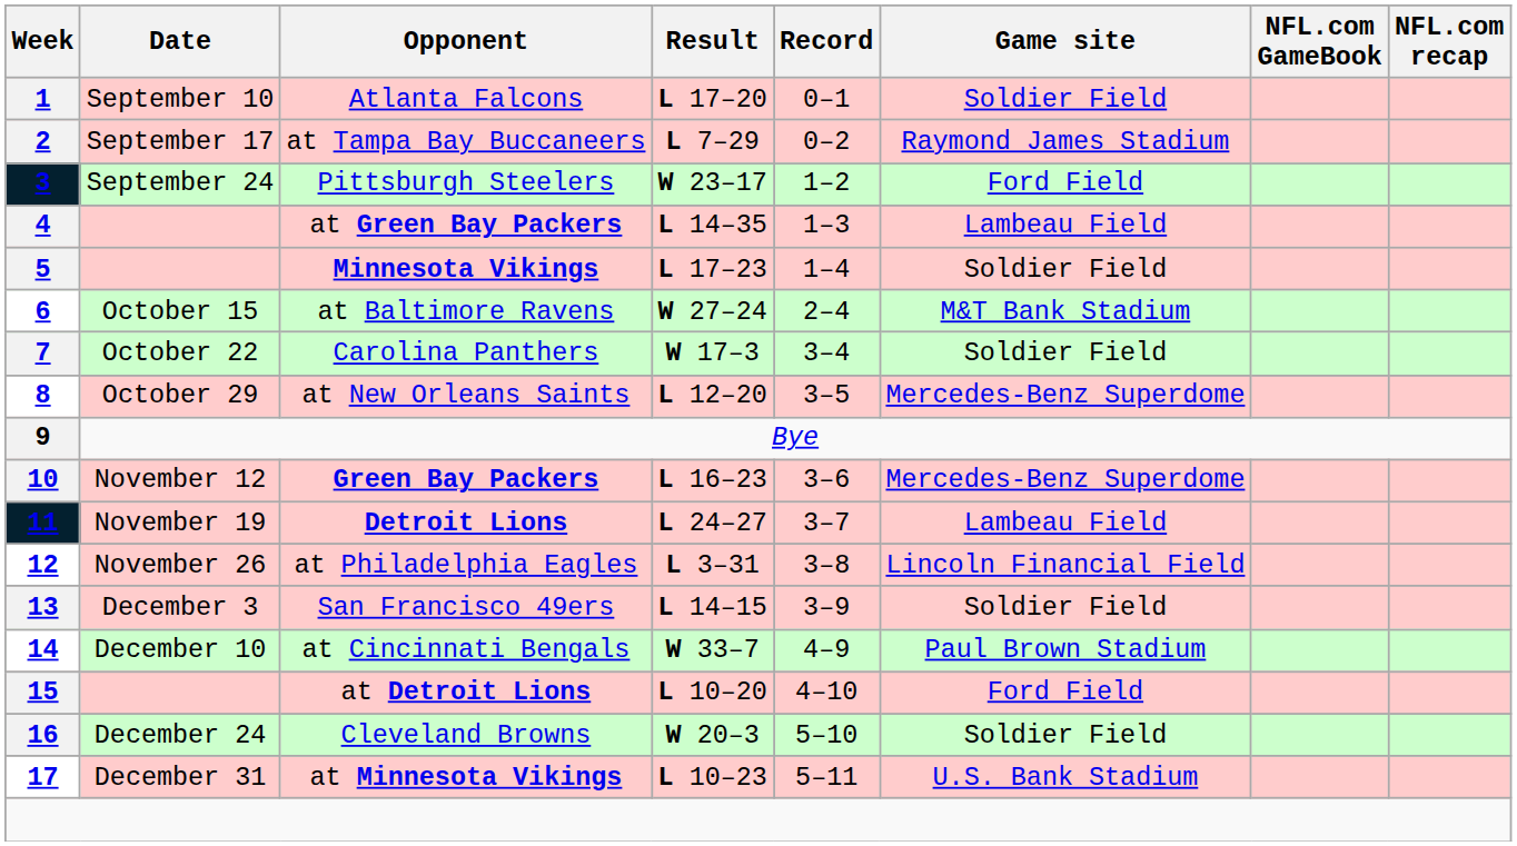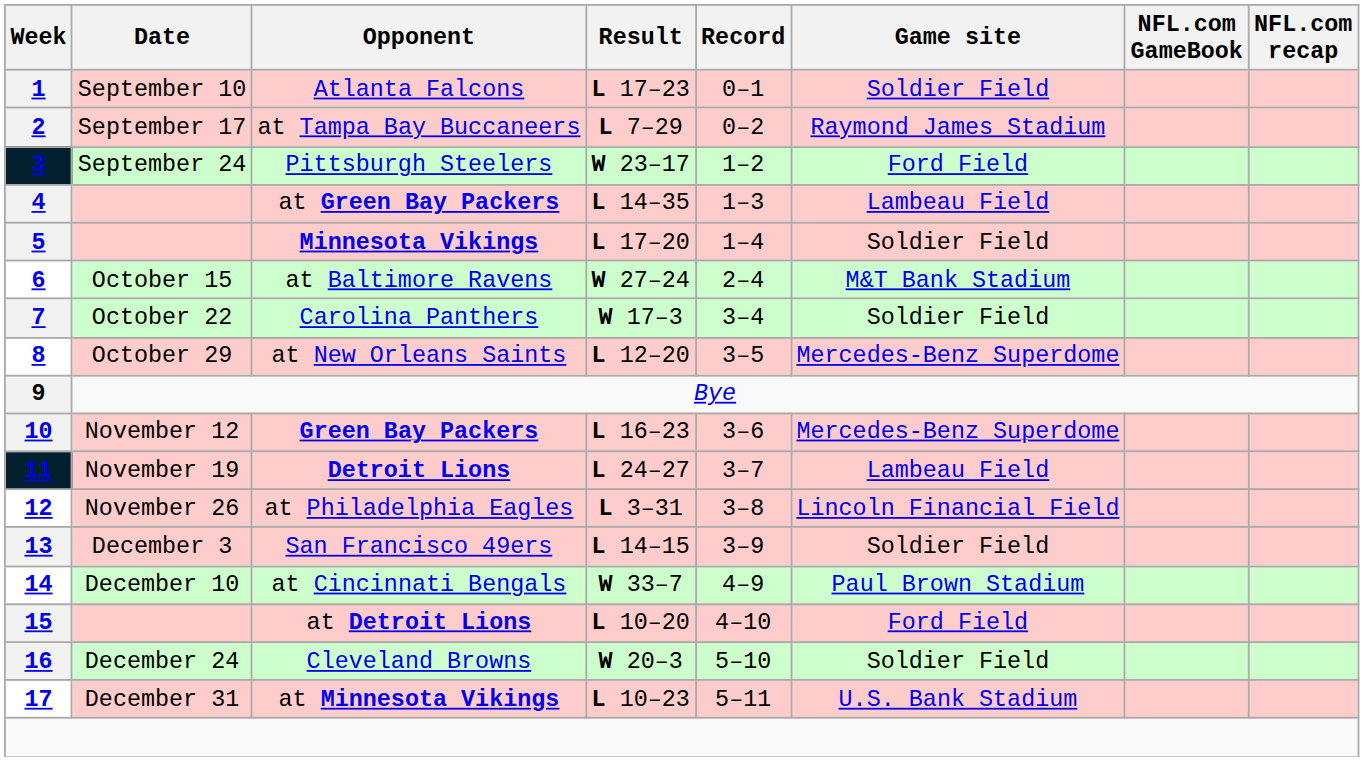 <table class="wikitable" style="text-align:center">
 <tr>
 <th>Week</th>
 <th>Date</th>
 <th>Opponent</th>
 <th>Result</th>
 <th>Record</th>
 <th>Game site</th>
 <th>NFL.com<br>GameBook</th>
 <th>NFL.com<br>recap</th>
 </tr>
 <tr style="background:#fcc">
 <th><a href='#'><span>1</span></a></th>
 <td>September 10</td>
 <td><a href='#'>Atlanta Falcons</a></td>
-<td><strong>L</strong> 17–20</td>
+<td><strong>L</strong> 17–23</td>
 <td>0–1</td>
 <td><a href='#'>Soldier Field</a></td>
 <td> </td>
 <td></td>
 </tr>
 <tr style="background:#fcc">
 <th><a href='#'><span>2</span></a></th>
 <td>September 17</td>
 <td>at <a href='#'>Tampa Bay Buccaneers</a></td>
 <td><strong>L</strong> 7–29</td>
 <td>0–2</td>
 <td><a href='#'>Raymond James Stadium</a></td>
 <td> </td>
 <td></td>
 </tr>
 <tr style="background:#cfc">
 <th style="background:#03202F; color:#df6108"><a href='#'><span>3</span></a></th>
 <td>September 24</td>
 <td><a href='#'>Pittsburgh Steelers</a></td>
 <td><strong>W</strong> 23–17 </td>
 <td>1–2</td>
 <td><a href='#'>Ford Field</a></td>
 <td> </td>
 <td></td>
 </tr>
 <tr style="background:#fcc">
 <th><a href='#'><span>4</span></a></th>
 <td></td>
 <td>at <strong><a href='#'>Green Bay Packers</a></strong></td>
 <td><strong>L</strong> 14–35</td>
 <td>1–3</td>
 <td><a href='#'>Lambeau Field</a></td>
 <td> </td>
 <td></td>
 </tr>
 <tr style="background:#fcc">
 <th><a href='#'><span>5</span></a></th>
 <td></td>
 <td><strong><a href='#'>Minnesota Vikings</a></strong></td>
-<td><strong>L</strong> 17–23</td>
+<td><strong>L</strong> 17–20</td>
 <td>1–4</td>
 <td>Soldier Field</td>
 <td> </td>
 <td></td>
 </tr>
 <tr style="background:#cfc">
 <th style="background:white; color:#03202F"><a href='#'><span>6</span></a></th>
 <td>October 15</td>
 <td>at <a href='#'>Baltimore Ravens</a></td>
 <td><strong>W</strong> 27–24 </td>
 <td>2–4</td>
 <td><a href='#'>M&T Bank Stadium</a></td>
 <td> </td>
 <td></td>
 </tr>
 <tr style="background:#cfc">
 <th><a href='#'><span>7</span></a></th>
 <td>October 22</td>
 <td><a href='#'>Carolina Panthers</a></td>
 <td><strong>W</strong> 17–3</td>
 <td>3–4</td>
 <td>Soldier Field</td>
 <td> </td>
 <td></td>
 </tr>
 <tr style="background:#fcc">
 <th style="background:white; color:#03202F"><a href='#'><span>8</span></a></th>
 <td>October 29</td>
 <td>at <a href='#'>New Orleans Saints</a></td>
 <td><strong>L</strong> 12–20</td>
 <td>3–5</td>
 <td><a href='#'>Mercedes-Benz Superdome</a></td>
 <td> </td>
 <td></td>
 </tr>
 <tr>
 <th>9</th>
 <td colspan=7><em><a href='#'>Bye</a></em></td>
 </tr>
 <tr style="background:#fcc">
 <th><a href='#'><span>10</span></a></th>
 <td>November 12</td>
 <td><strong><a href='#'>Green Bay Packers</a></strong></td>
 <td><strong>L</strong> 16–23</td>
 <td>3–6</td>
 <td><a href='#'>Mercedes-Benz Superdome</a></td>
 <td> </td>
 <td></td>
 </tr>
 <tr style="background:#fcc">
 <th style="background:#03202F; color:#df6108"><a href='#'><span>11</span></a></th>
 <td>November 19</td>
 <td><strong><a href='#'>Detroit Lions</a></strong></td>
 <td><strong>L</strong> 24–27</td>
 <td>3–7</td>
 <td><a href='#'>Lambeau Field</a></td>
 <td> </td>
 <td></td>
 </tr>
 <tr style="background:#fcc">
 <th style="background:white; color:#03202F"><a href='#'><span>12</span></a></th>
 <td>November 26</td>
 <td>at <a href='#'>Philadelphia Eagles</a></td>
 <td><strong>L</strong> 3–31</td>
 <td>3–8</td>
 <td><a href='#'>Lincoln Financial Field</a></td>
 <td> </td>
 <td></td>
 </tr>
 <tr style="background:#fcc">
 <th><a href='#'><span>13</span></a></th>
 <td>December 3</td>
 <td><a href='#'>San Francisco 49ers</a></td>
 <td><strong>L</strong> 14–15</td>
 <td>3–9</td>
 <td>Soldier Field</td>
 <td> </td>
 <td></td>
 </tr>
 <tr style="background:#cfc">
 <th style="background:white; color:#03202F"><a href='#'><span>14</span></a></th>
 <td>December 10</td>
 <td>at <a href='#'>Cincinnati Bengals</a></td>
 <td><strong>W</strong> 33–7</td>
 <td>4–9</td>
 <td><a href='#'>Paul Brown Stadium</a></td>
 <td> </td>
 <td></td>
 </tr>
 <tr style="background:#fcc">
 <th><a href='#'><span>15</span></a></th>
 <td></td>
 <td>at <strong><a href='#'>Detroit Lions</a></strong></td>
 <td><strong>L</strong> 10–20</td>
 <td>4–10</td>
 <td><a href='#'>Ford Field</a></td>
 <td> </td>
 <td></td>
 </tr>
 <tr style="background:#cfc">
 <th><a href='#'><span>16</span></a></th>
 <td>December 24</td>
 <td><a href='#'>Cleveland Browns</a></td>
 <td><strong>W</strong> 20–3</td>
 <td>5–10</td>
 <td>Soldier Field</td>
 <td> </td>
 <td></td>
 </tr>
 <tr style="background:#fcc">
 <th style="background:white; color:#03202F"><a href='#'><span>17</span></a></th>
 <td>December 31</td>
 <td>at <strong><a href='#'>Minnesota Vikings</a></strong></td>
 <td><strong>L</strong> 10–23</td>
 <td>5–11</td>
 <td><a href='#'>U.S. Bank Stadium</a></td>
 <td> </td>
 <td></td>
 </tr>
 <tr>
 <td colspan=8><br></td>
 </tr>
 </table>
